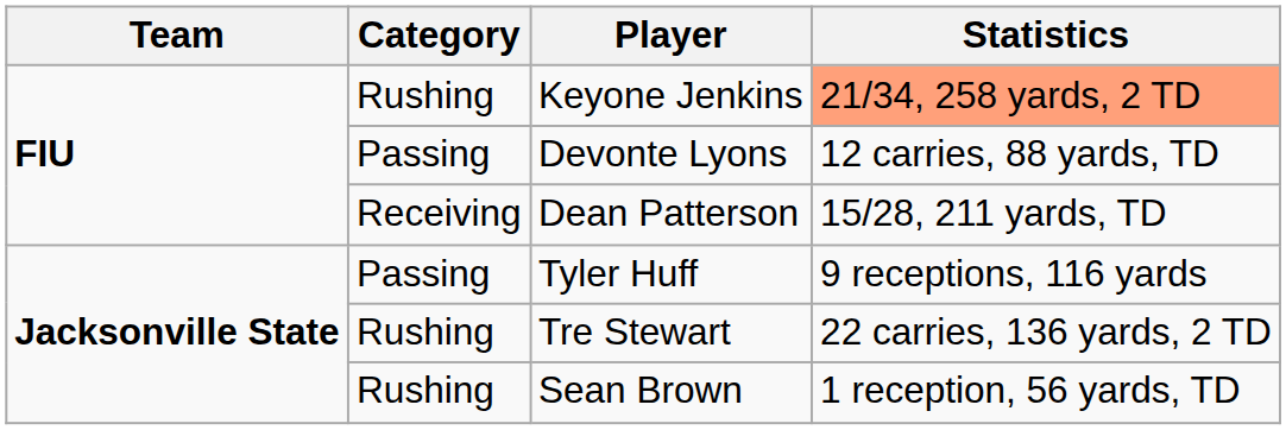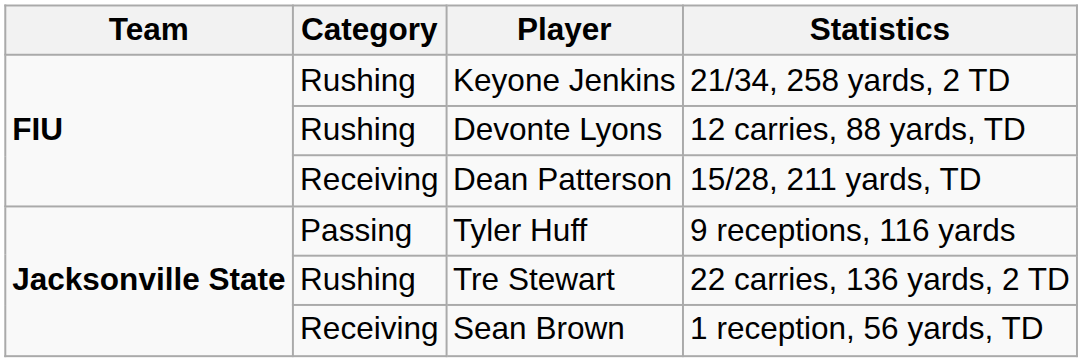 <table class="wikitable" style="float: right;">
 <tr>
 <th>Team</th>
 <th>Category</th>
 <th>Player</th>
 <th>Statistics</th>
 </tr>
 <tr>
 <td rowspan=3><strong>FIU</strong></td>
 <td>Rushing</td>
 <td>Keyone Jenkins</td>
-<td style="background: lightsalmon;">21/34, 258 yards, 2 TD</td>
+<td>21/34, 258 yards, 2 TD</td>
 </tr>
 <tr>
-<td>Passing</td>
+<td>Rushing</td>
 <td>Devonte Lyons</td>
 <td>12 carries, 88 yards, TD</td>
 </tr>
 <tr>
 <td>Receiving</td>
 <td>Dean Patterson</td>
 <td>15/28, 211 yards, TD</td>
 </tr>
 <tr>
 <td rowspan=3><strong>Jacksonville State</strong></td>
 <td>Passing</td>
 <td>Tyler Huff</td>
 <td>9 receptions, 116 yards</td>
 </tr>
 <tr>
 <td>Rushing</td>
 <td>Tre Stewart</td>
 <td>22 carries, 136 yards, 2 TD</td>
 </tr>
 <tr>
-<td>Rushing</td>
+<td>Receiving</td>
 <td>Sean Brown</td>
 <td>1 reception, 56 yards, TD</td>
 </tr>
 </table>
